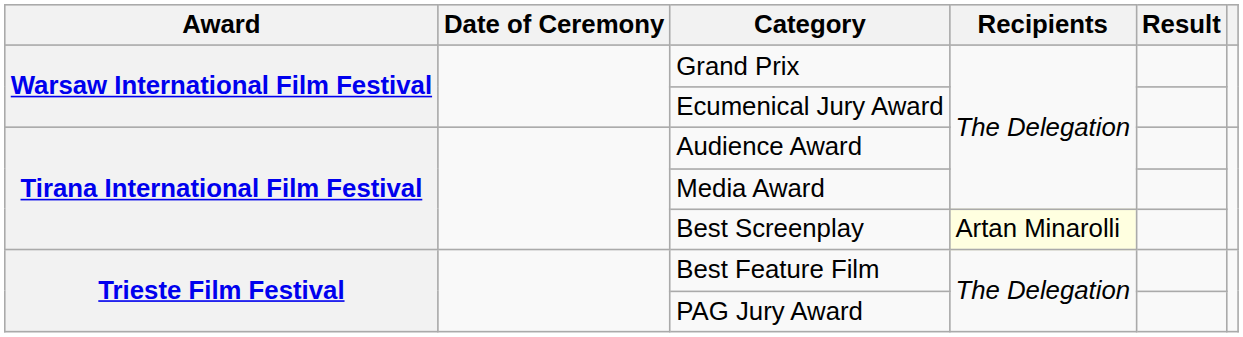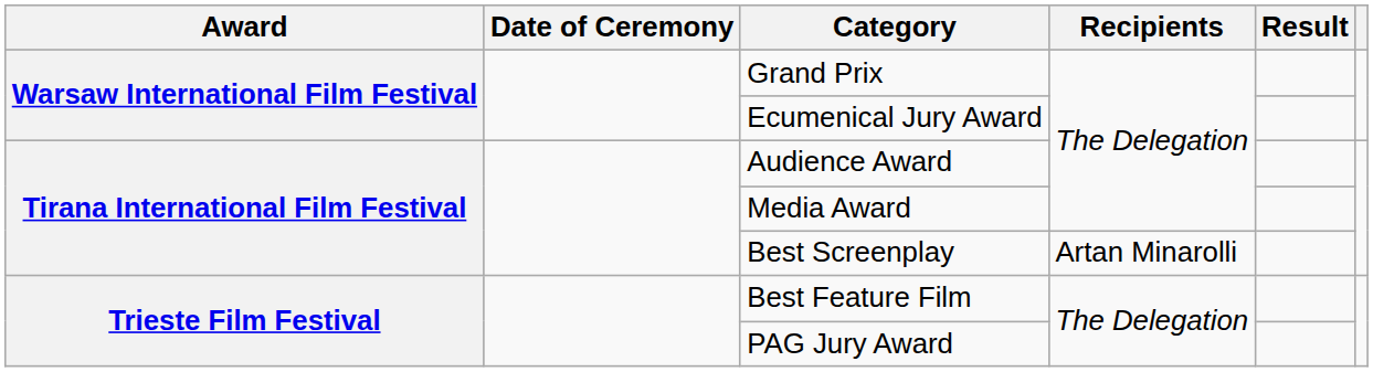 <table class="wikitable plainrowheaders sortable">
 <tr>
 <th>Award</th>
 <th>Date of Ceremony</th>
 <th>Category</th>
 <th>Recipients</th>
 <th>Result</th>
 <th class="unsortable"></th>
 </tr>
 <tr>
 <th scope="row" rowspan="2"><a href='#'>Warsaw International Film Festival</a></th>
 <td rowspan="2"></td>
 <td>Grand Prix</td>
 <td rowspan="4"><em>The Delegation</em></td>
 <td></td>
 <td rowspan="2" align="center"></td>
 </tr>
 <tr>
 <td>Ecumenical Jury Award</td>
 <td></td>
 </tr>
 <tr>
 <th scope="row" rowspan="3"><a href='#'>Tirana International Film Festival</a></th>
 <td rowspan="3"></td>
 <td>Audience Award</td>
 <td></td>
 <td rowspan="3" align="center"></td>
 </tr>
 <tr>
 <td>Media Award</td>
 <td></td>
 </tr>
 <tr>
 <td>Best Screenplay</td>
-<td style="background: lightyellow;">Artan Minarolli</td>
+<td>Artan Minarolli</td>
 <td></td>
 </tr>
 <tr>
 <th scope="row" rowspan="2"><a href='#'>Trieste Film Festival</a></th>
 <td rowspan="2"></td>
 <td>Best Feature Film</td>
 <td rowspan="2"><em>The Delegation</em></td>
 <td></td>
 <td rowspan="2" align="center"></td>
 </tr>
 <tr>
 <td>PAG Jury Award</td>
 <td></td>
 </tr>
 </table>
